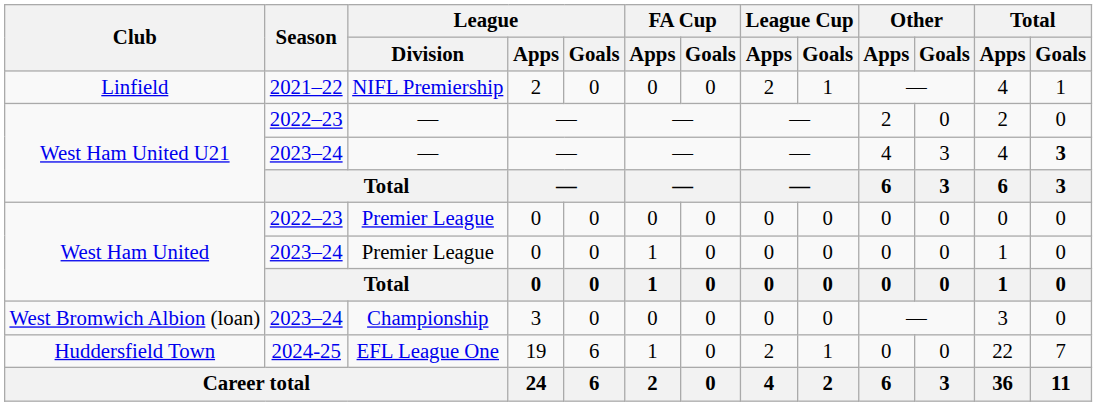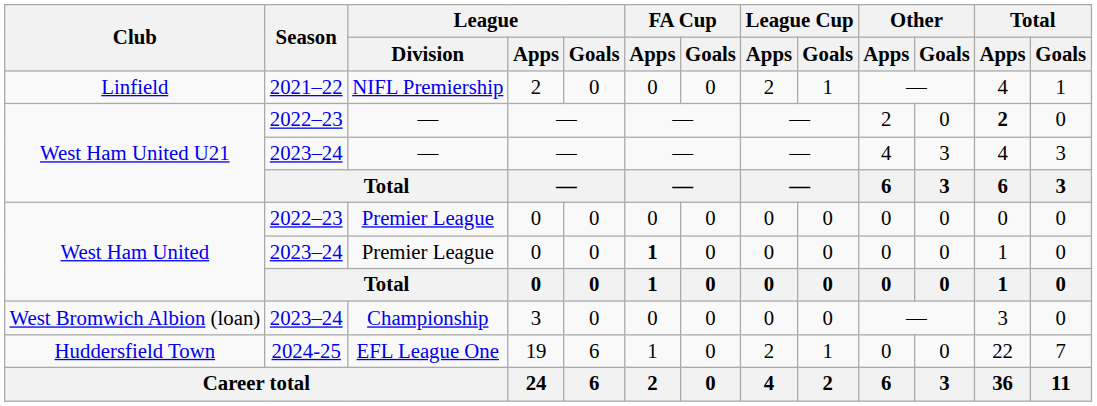 <table class="wikitable" style="text-align: center;">
 <tr>
 <th rowspan="2">Club</th>
 <th rowspan="2">Season</th>
 <th colspan="3">League</th>
 <th colspan="2">FA Cup</th>
 <th colspan="2">League Cup</th>
 <th colspan="2">Other</th>
 <th colspan="2">Total</th>
 </tr>
 <tr>
 <th>Division</th>
 <th>Apps</th>
 <th>Goals</th>
 <th>Apps</th>
 <th>Goals</th>
 <th>Apps</th>
 <th>Goals</th>
 <th>Apps</th>
 <th>Goals</th>
 <th>Apps</th>
 <th>Goals</th>
 </tr>
 <tr>
 <td><a href='#'>Linfield</a></td>
 <td><a href='#'>2021–22</a></td>
 <td><a href='#'>NIFL Premiership</a></td>
 <td>2</td>
 <td>0</td>
 <td>0</td>
 <td>0</td>
 <td>2</td>
 <td>1</td>
 <td colspan=2>—</td>
 <td>4</td>
 <td>1</td>
 </tr>
 <tr>
 <td rowspan=3><a href='#'>West Ham United U21</a></td>
 <td><a href='#'>2022–23</a></td>
 <td>—</td>
 <td colspan=2>—</td>
 <td colspan=2>—</td>
 <td colspan=2>—</td>
 <td>2</td>
 <td>0</td>
-<td>2</td>
+<td><strong>2</strong></td>
 <td>0</td>
 </tr>
 <tr>
 <td><a href='#'>2023–24</a></td>
 <td>—</td>
 <td colspan=2>—</td>
 <td colspan=2>—</td>
 <td colspan=2>—</td>
 <td>4</td>
 <td>3</td>
 <td>4</td>
-<td><strong>3</strong></td>
+<td>3</td>
 </tr>
 <tr>
 <th colspan=2>Total</th>
 <th colspan=2>—</th>
 <th colspan=2>—</th>
 <th colspan=2>—</th>
 <th>6</th>
 <th>3</th>
 <th>6</th>
 <th>3</th>
 </tr>
 <tr>
 <td rowspan=3><a href='#'>West Ham United</a></td>
 <td><a href='#'>2022–23</a></td>
 <td><a href='#'>Premier League</a></td>
 <td>0</td>
 <td>0</td>
 <td>0</td>
 <td>0</td>
 <td>0</td>
 <td>0</td>
 <td>0</td>
 <td>0</td>
 <td>0</td>
 <td>0</td>
 </tr>
 <tr>
 <td><a href='#'>2023–24</a></td>
 <td>Premier League</td>
 <td>0</td>
 <td>0</td>
-<td>1</td>
+<td><strong>1</strong></td>
 <td>0</td>
 <td>0</td>
 <td>0</td>
 <td>0</td>
 <td>0</td>
 <td>1</td>
 <td>0</td>
 </tr>
 <tr>
 <th colspan=2>Total</th>
 <th>0</th>
 <th>0</th>
 <th>1</th>
 <th>0</th>
 <th>0</th>
 <th>0</th>
 <th>0</th>
 <th>0</th>
 <th>1</th>
 <th>0</th>
 </tr>
 <tr>
 <td><a href='#'>West Bromwich Albion</a> (loan)</td>
 <td><a href='#'>2023–24</a></td>
 <td><a href='#'>Championship</a></td>
 <td>3</td>
 <td>0</td>
 <td>0</td>
 <td>0</td>
 <td>0</td>
 <td>0</td>
 <td colspan=2>—</td>
 <td>3</td>
 <td>0</td>
 </tr>
 <tr>
 <td><a href='#'>Huddersfield Town</a></td>
 <td><a href='#'>2024-25</a></td>
 <td><a href='#'>EFL League One</a></td>
 <td>19</td>
 <td>6</td>
 <td>1</td>
 <td>0</td>
 <td>2</td>
 <td>1</td>
 <td>0</td>
 <td>0</td>
 <td>22</td>
 <td>7</td>
 </tr>
 <tr>
 <th colspan="3">Career total</th>
 <th>24</th>
 <th>6</th>
 <th>2</th>
 <th>0</th>
 <th>4</th>
 <th>2</th>
 <th>6</th>
 <th>3</th>
 <th>36</th>
 <th>11</th>
 </tr>
 </table>
